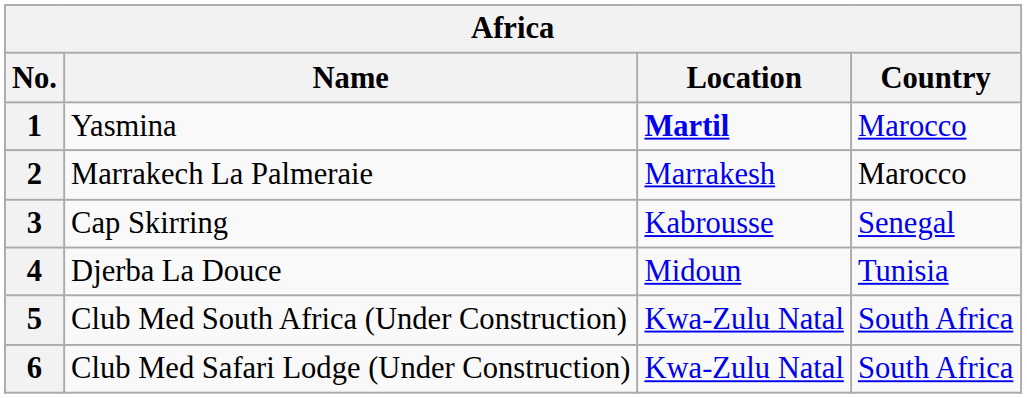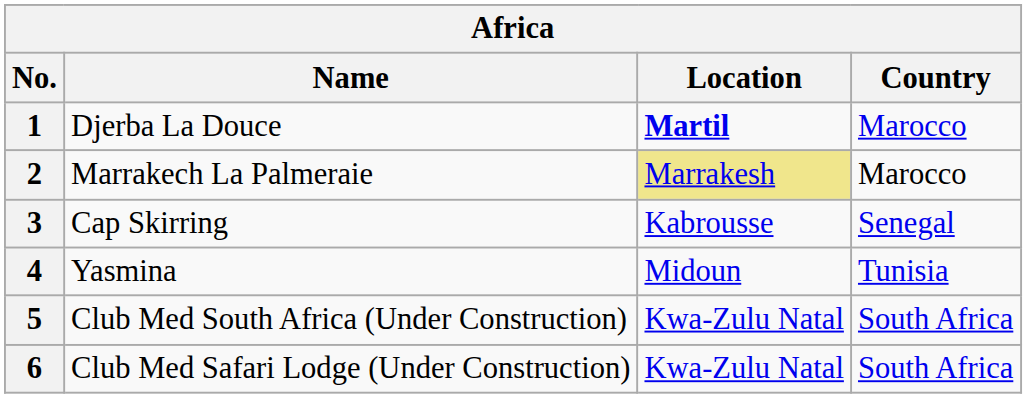 <table class="wikitable sortable">
 <tr>
 <th colspan="5">Africa</th>
 </tr>
 <tr>
 <th>No.</th>
 <th>Name</th>
 <th>Location</th>
 <th>Country</th>
 </tr>
 <tr>
 <th>1</th>
-<td>Yasmina</td>
+<td>Djerba La Douce</td>
 <td><strong><a href='#'>Martil</a></strong></td>
 <td><a href='#'>Marocco</a></td>
 </tr>
 <tr>
 <th>2</th>
 <td>Marrakech La Palmeraie</td>
-<td><a href='#'>Marrakesh</a></td>
+<td style="background: khaki;"><a href='#'>Marrakesh</a></td>
 <td>Marocco</td>
 </tr>
 <tr>
 <th>3</th>
 <td>Cap Skirring</td>
 <td><a href='#'>Kabrousse</a></td>
 <td><a href='#'>Senegal</a></td>
 </tr>
 <tr>
 <th>4</th>
-<td>Djerba La Douce</td>
+<td>Yasmina</td>
 <td><a href='#'>Midoun</a></td>
 <td><a href='#'>Tunisia</a></td>
 </tr>
 <tr>
 <th>5</th>
 <td>Club Med South Africa (Under Construction)</td>
 <td><a href='#'>Kwa-Zulu Natal</a></td>
 <td><a href='#'>South Africa</a></td>
 </tr>
 <tr>
 <th>6</th>
 <td>Club Med Safari Lodge (Under Construction)</td>
 <td><a href='#'>Kwa-Zulu Natal</a></td>
 <td><a href='#'>South Africa</a></td>
 </tr>
 </table>
